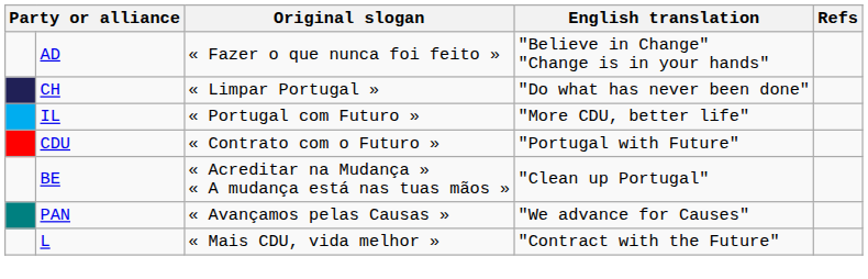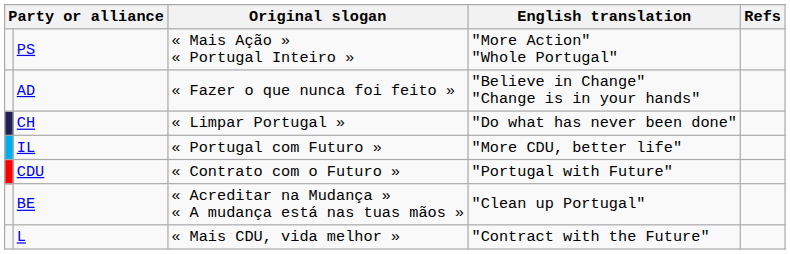 <table class="wikitable" style="font-size:97%; text-align:left;">
 <tr>
 <th style="text-align:left;" colspan="2">Party or alliance</th>
 <th>Original slogan</th>
 <th>English translation</th>
 <th>Refs</th>
+</tr>
+<tr>
+<td width="1" style="color:inherit;background:"></td>
+<td><a href='#'>PS</a></td>
+<td>« Mais Ação » <br> « Portugal Inteiro »</td>
+<td>"More Action" <br> "Whole Portugal"</td>
+<td></td>
 </tr>
 <tr>
 <td style="color:inherit;background:"></td>
 <td><a href='#'>AD</a></td>
 <td>« Fazer o que nunca foi feito »</td>
 <td>"Believe in Change"<br>"Change is in your hands"</td>
 <td></td>
 </tr>
 <tr>
 <td style="background:#202056;"></td>
 <td><a href='#'>CH</a></td>
 <td>« Limpar Portugal »</td>
 <td>"Do what has never been done"</td>
 <td></td>
 </tr>
 <tr>
 <td style="background:#00ADEF;"></td>
 <td><a href='#'>IL</a></td>
 <td>« Portugal com Futuro »</td>
 <td>"More CDU, better life"</td>
 <td></td>
 </tr>
 <tr>
 <td style="color:inherit;background:#FF0000"></td>
 <td><a href='#'>CDU</a></td>
 <td>« Contrato com o Futuro »</td>
 <td>"Portugal with Future"</td>
 <td></td>
 </tr>
 <tr>
 <td style="color:inherit;background:"></td>
 <td><a href='#'>BE</a></td>
 <td>« Acreditar na Mudança »<br>« A mudança está nas tuas mãos »</td>
 <td>"Clean up Portugal"</td>
 <td></td>
 </tr>
 <tr>
-<td style="background:teal;"></td>
-<td><a href='#'>PAN</a></td>
-<td>« Avançamos pelas Causas »</td>
-<td>"We advance for Causes"</td>
-<td></td>
-</tr>
-<tr>
 <td style="color:inherit;background:"></td>
 <td><a href='#'>L</a></td>
 <td>« Mais CDU, vida melhor »</td>
 <td>"Contract with the Future"</td>
 <td></td>
 </tr>
 </table>
